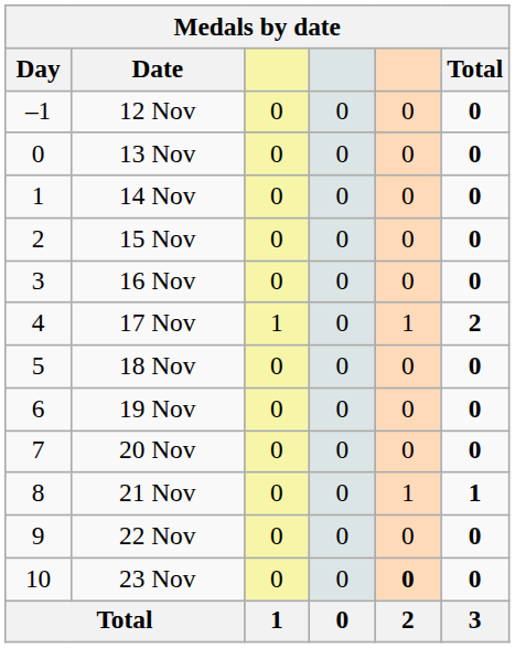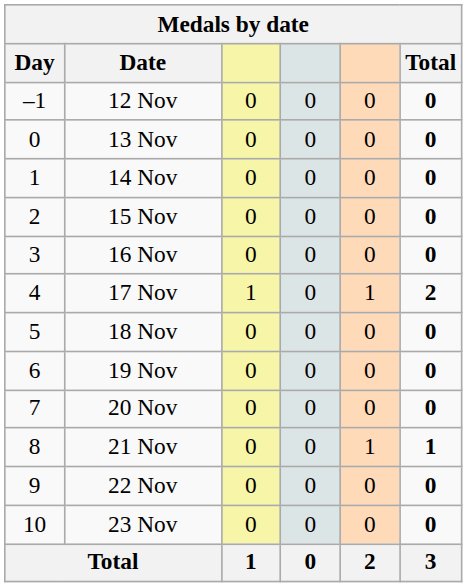 <table class="wikitable" style="font-size:90%; text-align:center;">
 <tr style="background:#efefef;">
 <th colspan=6><strong>Medals by date</strong></th>
 </tr>
 <tr>
 <th width=30><strong>Day</strong></th>
 <th width=90><strong>Date</strong></th>
 <th width=30 style="background:#F7F6A8;"></th>
 <th width=30 style="background:#DCE5E5;"></th>
 <th width=30 style="background:#FFDAB9;"></th>
 <th width=30><strong>Total</strong></th>
 </tr>
 <tr>
 <td>–1</td>
 <td>12 Nov</td>
 <td style="background:#F7F6A8;">0</td>
 <td style="background:#DCE5E5;">0</td>
 <td style="background:#FFDAB9;">0</td>
 <td><strong>0</strong></td>
 </tr>
 <tr>
 <td>0</td>
 <td>13 Nov</td>
 <td style="background:#F7F6A8;">0</td>
 <td style="background:#DCE5E5;">0</td>
 <td style="background:#FFDAB9;">0</td>
 <td><strong>0</strong></td>
 </tr>
 <tr>
 <td>1</td>
 <td>14 Nov</td>
 <td style="background:#F7F6A8;">0</td>
 <td style="background:#DCE5E5;">0</td>
 <td style="background:#FFDAB9;">0</td>
 <td><strong>0</strong></td>
 </tr>
 <tr>
 <td>2</td>
 <td>15 Nov</td>
 <td style="background:#F7F6A8;">0</td>
 <td style="background:#DCE5E5;">0</td>
 <td style="background:#FFDAB9;">0</td>
 <td><strong>0</strong></td>
 </tr>
 <tr>
 <td>3</td>
 <td>16 Nov</td>
 <td style="background:#F7F6A8;">0</td>
 <td style="background:#DCE5E5;">0</td>
 <td style="background:#FFDAB9;">0</td>
 <td><strong>0</strong></td>
 </tr>
 <tr>
 <td>4</td>
 <td>17 Nov</td>
 <td style="background:#F7F6A8;">1</td>
 <td style="background:#DCE5E5;">0</td>
 <td style="background:#FFDAB9;">1</td>
 <td><strong>2</strong></td>
 </tr>
 <tr>
 <td>5</td>
 <td>18 Nov</td>
 <td style="background:#F7F6A8;">0</td>
 <td style="background:#DCE5E5;">0</td>
 <td style="background:#FFDAB9;">0</td>
 <td><strong>0</strong></td>
 </tr>
 <tr>
 <td>6</td>
 <td>19 Nov</td>
 <td style="background:#F7F6A8;">0</td>
 <td style="background:#DCE5E5;">0</td>
 <td style="background:#FFDAB9;">0</td>
 <td><strong>0</strong></td>
 </tr>
 <tr>
 <td>7</td>
 <td>20 Nov</td>
 <td style="background:#F7F6A8;">0</td>
 <td style="background:#DCE5E5;">0</td>
 <td style="background:#FFDAB9;">0</td>
 <td><strong>0</strong></td>
 </tr>
 <tr>
 <td>8</td>
 <td>21 Nov</td>
 <td style="background:#F7F6A8;">0</td>
 <td style="background:#DCE5E5;">0</td>
 <td style="background:#FFDAB9;">1</td>
 <td><strong>1</strong></td>
 </tr>
 <tr>
 <td>9</td>
 <td>22 Nov</td>
 <td style="background:#F7F6A8;">0</td>
 <td style="background:#DCE5E5;">0</td>
 <td style="background:#FFDAB9;">0</td>
 <td><strong>0</strong></td>
 </tr>
 <tr>
 <td>10</td>
 <td>23 Nov</td>
 <td style="background:#F7F6A8;">0</td>
 <td style="background:#DCE5E5;">0</td>
-<td style="background:#FFDAB9;"><strong>0</strong></td>
+<td style="background:#FFDAB9;">0</td>
 <td><strong>0</strong></td>
 </tr>
 <tr>
 <th colspan="2"><strong>Total</strong></th>
 <th><strong>1</strong></th>
 <th><strong>0</strong></th>
 <th><strong>2</strong></th>
 <th><strong>3</strong></th>
 </tr>
 </table>
